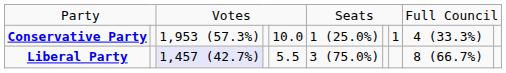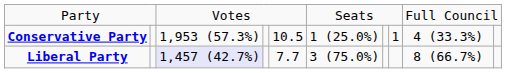 <table class=wikitable style="text-align:center;">
 <tr>
 <td colspan=2>Party</td>
 <td colspan=3>Votes</td>
 <td colspan=3>Seats</td>
 <td colspan=3>Full Council</td>
 </tr>
 <tr>
 <td><strong><a href='#'>Conservative Party</a></strong></td>
 <td style="background:"></td>
 <td>1,953 (57.3%)</td>
 <td></td>
-<td> 10.0</td>
+<td> 10.5</td>
 <td>1 (25.0%)</td>
 <td></td>
 <td> 1</td>
 <td>4 (33.3%)</td>
 <td></td>
 </tr>
 <tr>
 <td><strong><a href='#'>Liberal Party</a></strong></td>
 <td style="background:"></td>
 <td style="background: lavender;">1,457 (42.7%)</td>
 <td></td>
-<td> 5.5</td>
+<td> 7.7</td>
 <td>3 (75.0%)</td>
 <td></td>
 <td></td>
 <td>8 (66.7%)</td>
 <td></td>
 </tr>
 </table>
